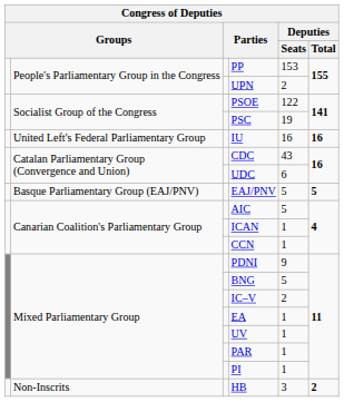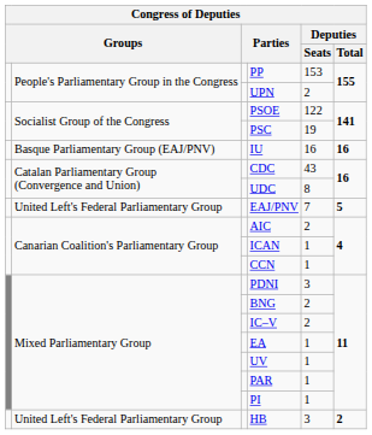 <table class="wikitable" style="text-align:left;">
 <tr>
 <th colspan="6">Congress of Deputies</th>
 </tr>
 <tr>
 <th rowspan="2" colspan="2">Groups</th>
 <th rowspan="2" colspan="2">Parties</th>
 <th colspan="2">Deputies</th>
 </tr>
 <tr>
 <th>Seats</th>
 <th>Total</th>
 </tr>
 <tr>
 <td width="1" rowspan="2"></td>
 <td rowspan="2">People's Parliamentary Group in the Congress</td>
 <td width="1" style="color:inherit;background:"></td>
 <td><a href='#'>PP</a></td>
 <td>153</td>
 <td rowspan="2"><strong>155</strong></td>
 </tr>
 <tr>
 <td style="color:inherit;background:"></td>
 <td><a href='#'>UPN</a></td>
 <td>2</td>
 </tr>
 <tr>
 <td rowspan="2" style="color:inherit;background:"></td>
 <td rowspan="2">Socialist Group of the Congress</td>
 <td style="color:inherit;background:"></td>
 <td><a href='#'>PSOE</a></td>
 <td>122</td>
 <td rowspan="2"><strong>141</strong></td>
 </tr>
 <tr>
 <td style="color:inherit;background:"></td>
 <td><a href='#'>PSC</a></td>
 <td>19</td>
 </tr>
 <tr>
 <td style="color:inherit;background:"></td>
-<td>United Left's Federal Parliamentary Group</td>
+<td>Basque Parliamentary Group (EAJ/PNV)</td>
 <td style="color:inherit;background:"></td>
 <td><a href='#'>IU</a></td>
 <td>16</td>
 <td><strong>16</strong></td>
 </tr>
 <tr>
 <td rowspan="2" style="color:inherit;background:"></td>
 <td rowspan="2">Catalan Parliamentary Group<br>(Convergence and Union)</td>
 <td style="color:inherit;background:"></td>
 <td><a href='#'>CDC</a></td>
 <td>43</td>
 <td rowspan="2"><strong>16</strong></td>
 </tr>
 <tr>
 <td style="color:inherit;background:"></td>
 <td><a href='#'>UDC</a></td>
-<td>6</td>
+<td>8</td>
 </tr>
 <tr>
 <td style="color:inherit;background:"></td>
-<td>Basque Parliamentary Group (EAJ/PNV)</td>
+<td>United Left's Federal Parliamentary Group</td>
 <td style="color:inherit;background:"></td>
 <td><a href='#'>EAJ/PNV</a></td>
-<td>5</td>
+<td>7</td>
 <td><strong>5</strong></td>
 </tr>
 <tr>
 <td rowspan="3" style="color:inherit;background:"></td>
 <td rowspan="3">Canarian Coalition's Parliamentary Group</td>
 <td style="color:inherit;background:"></td>
 <td><a href='#'>AIC</a></td>
-<td>5</td>
+<td>2</td>
 <td rowspan="3"><strong>4</strong></td>
 </tr>
 <tr>
 <td style="color:inherit;background:"></td>
 <td><a href='#'>ICAN</a></td>
 <td>1</td>
 </tr>
 <tr>
 <td style="color:inherit;background:"></td>
 <td><a href='#'>CCN</a></td>
 <td>1</td>
 </tr>
 <tr>
 <td rowspan="7" bgcolor="gray"></td>
 <td rowspan="7">Mixed Parliamentary Group</td>
 <td style="color:inherit;background:"></td>
 <td><a href='#'>PDNI</a></td>
-<td>9</td>
+<td>3</td>
 <td rowspan="7"><strong>11</strong></td>
 </tr>
 <tr>
 <td style="color:inherit;background:"></td>
 <td><a href='#'>BNG</a></td>
-<td>5</td>
+<td>2</td>
 </tr>
 <tr>
 <td style="color:inherit;background:"></td>
 <td><a href='#'>IC–V</a></td>
 <td>2</td>
 </tr>
 <tr>
 <td style="color:inherit;background:"></td>
 <td><a href='#'>EA</a></td>
 <td>1</td>
 </tr>
 <tr>
 <td style="color:inherit;background:"></td>
 <td><a href='#'>UV</a></td>
 <td>1</td>
 </tr>
 <tr>
 <td style="color:inherit;background:"></td>
 <td><a href='#'>PAR</a></td>
 <td>1</td>
 </tr>
 <tr>
 <td style="color:inherit;background:"></td>
 <td><a href='#'>PI</a></td>
 <td>1</td>
 </tr>
 <tr>
 <td style="color:inherit;background:"></td>
-<td>Non-Inscrits</td>
+<td>United Left's Federal Parliamentary Group</td>
 <td style="color:inherit;background:"></td>
 <td><a href='#'>HB</a></td>
 <td>3</td>
 <td><strong>2</strong></td>
 </tr>
 </table>
